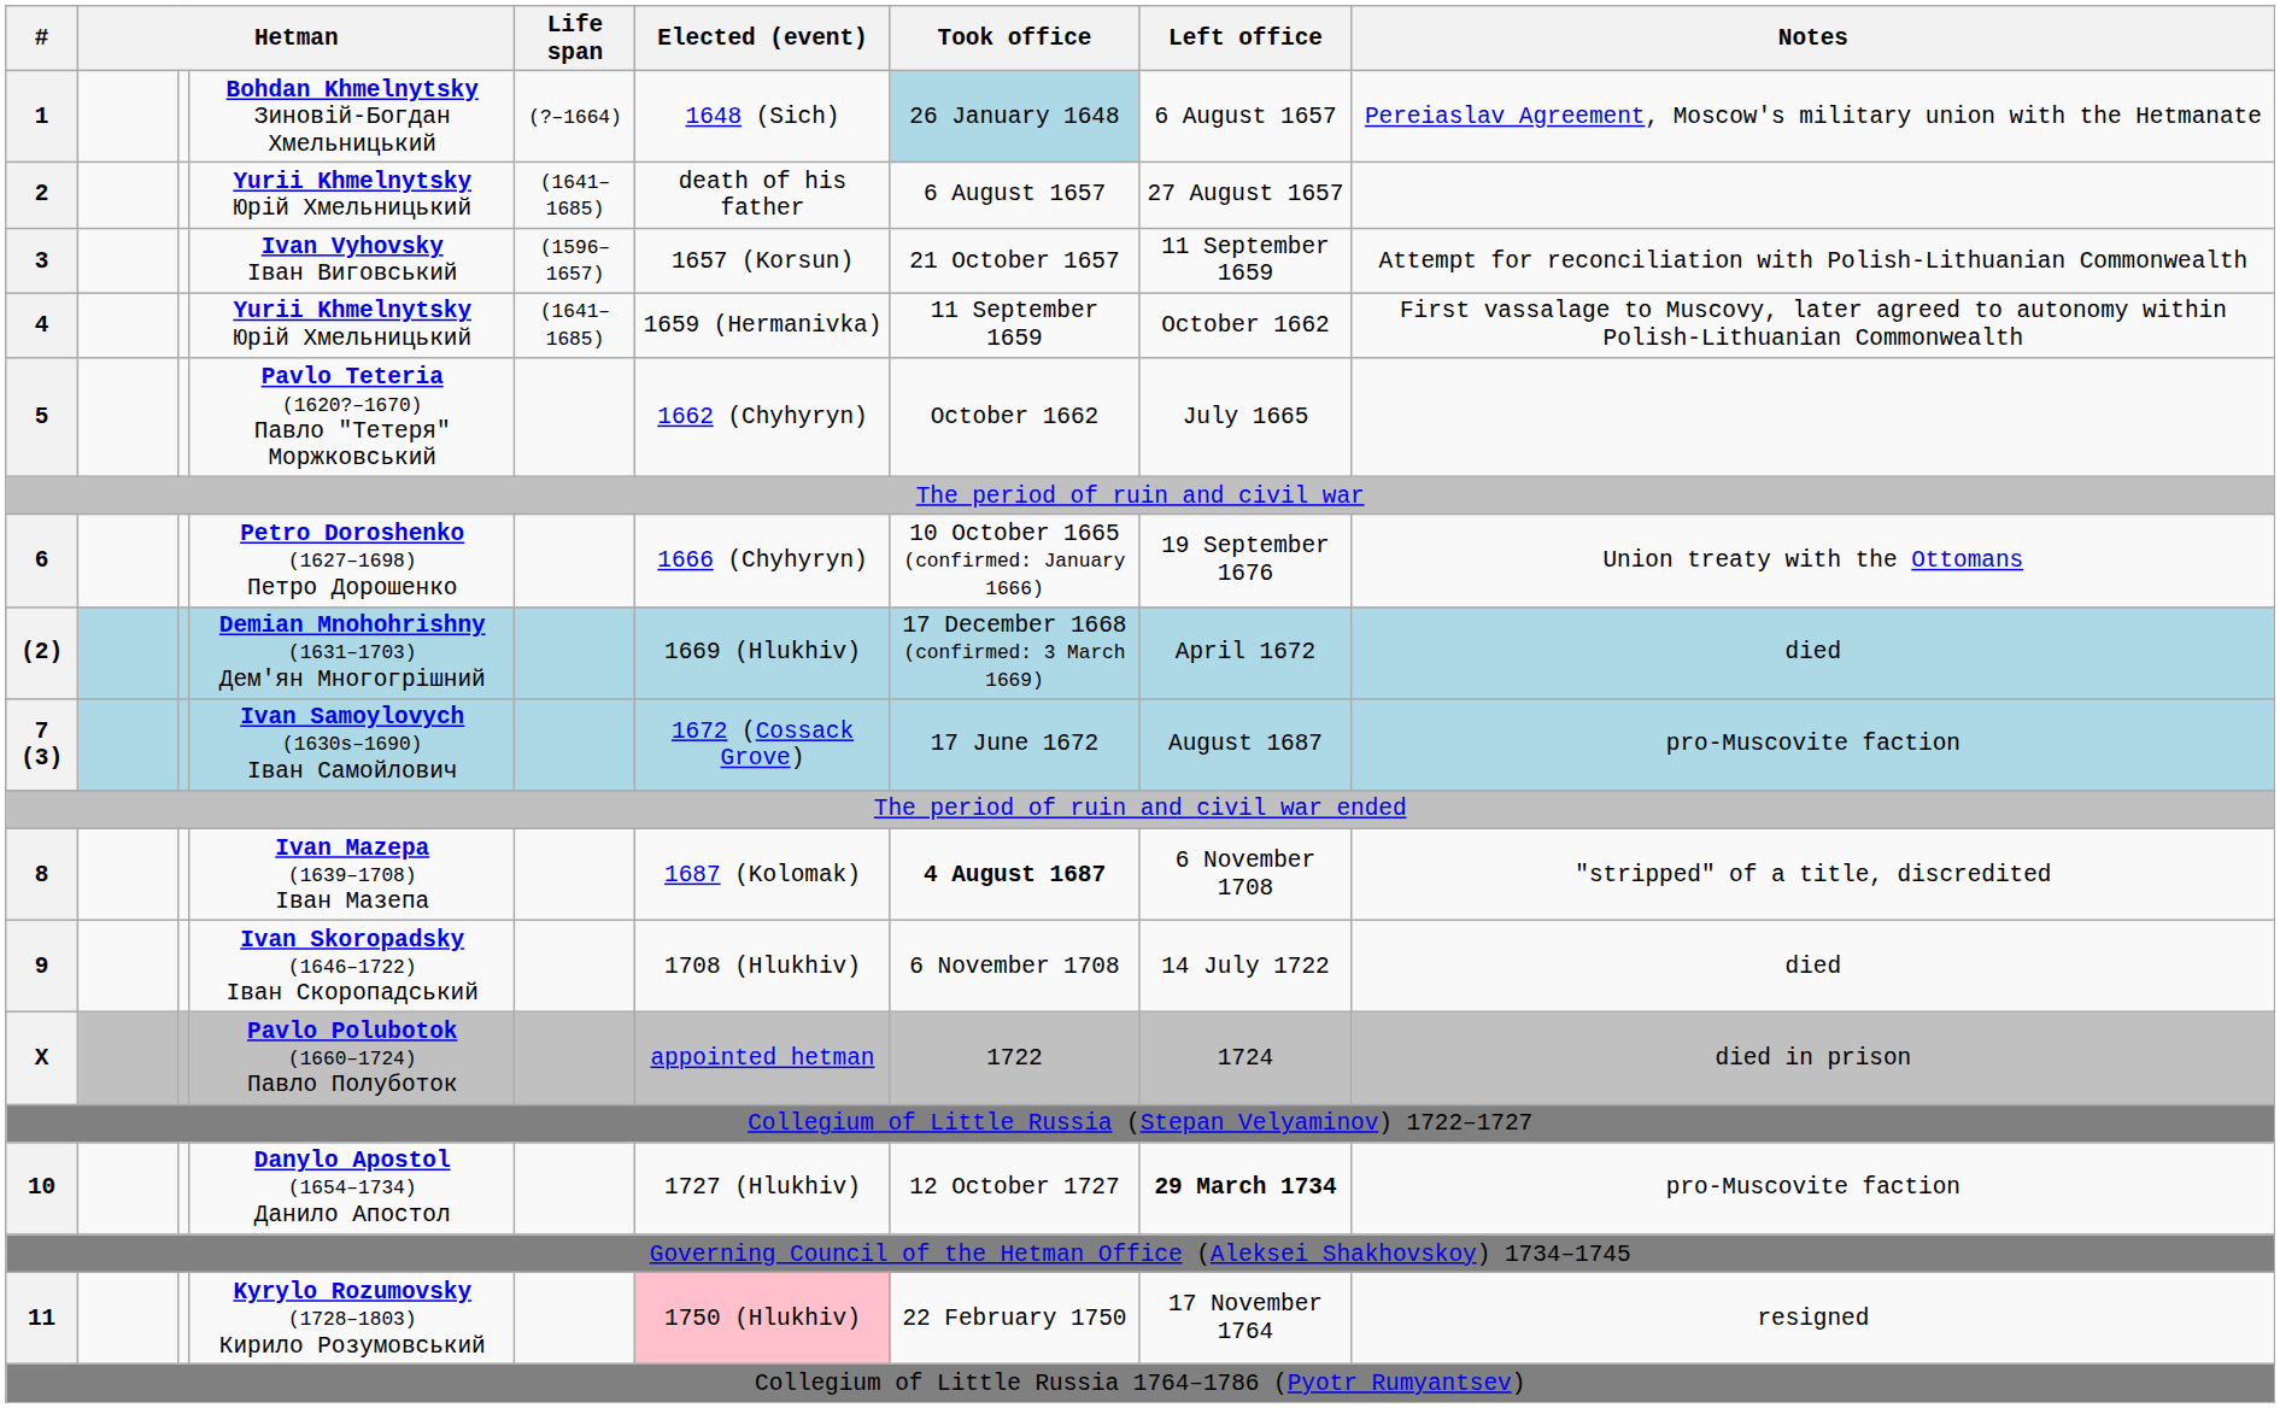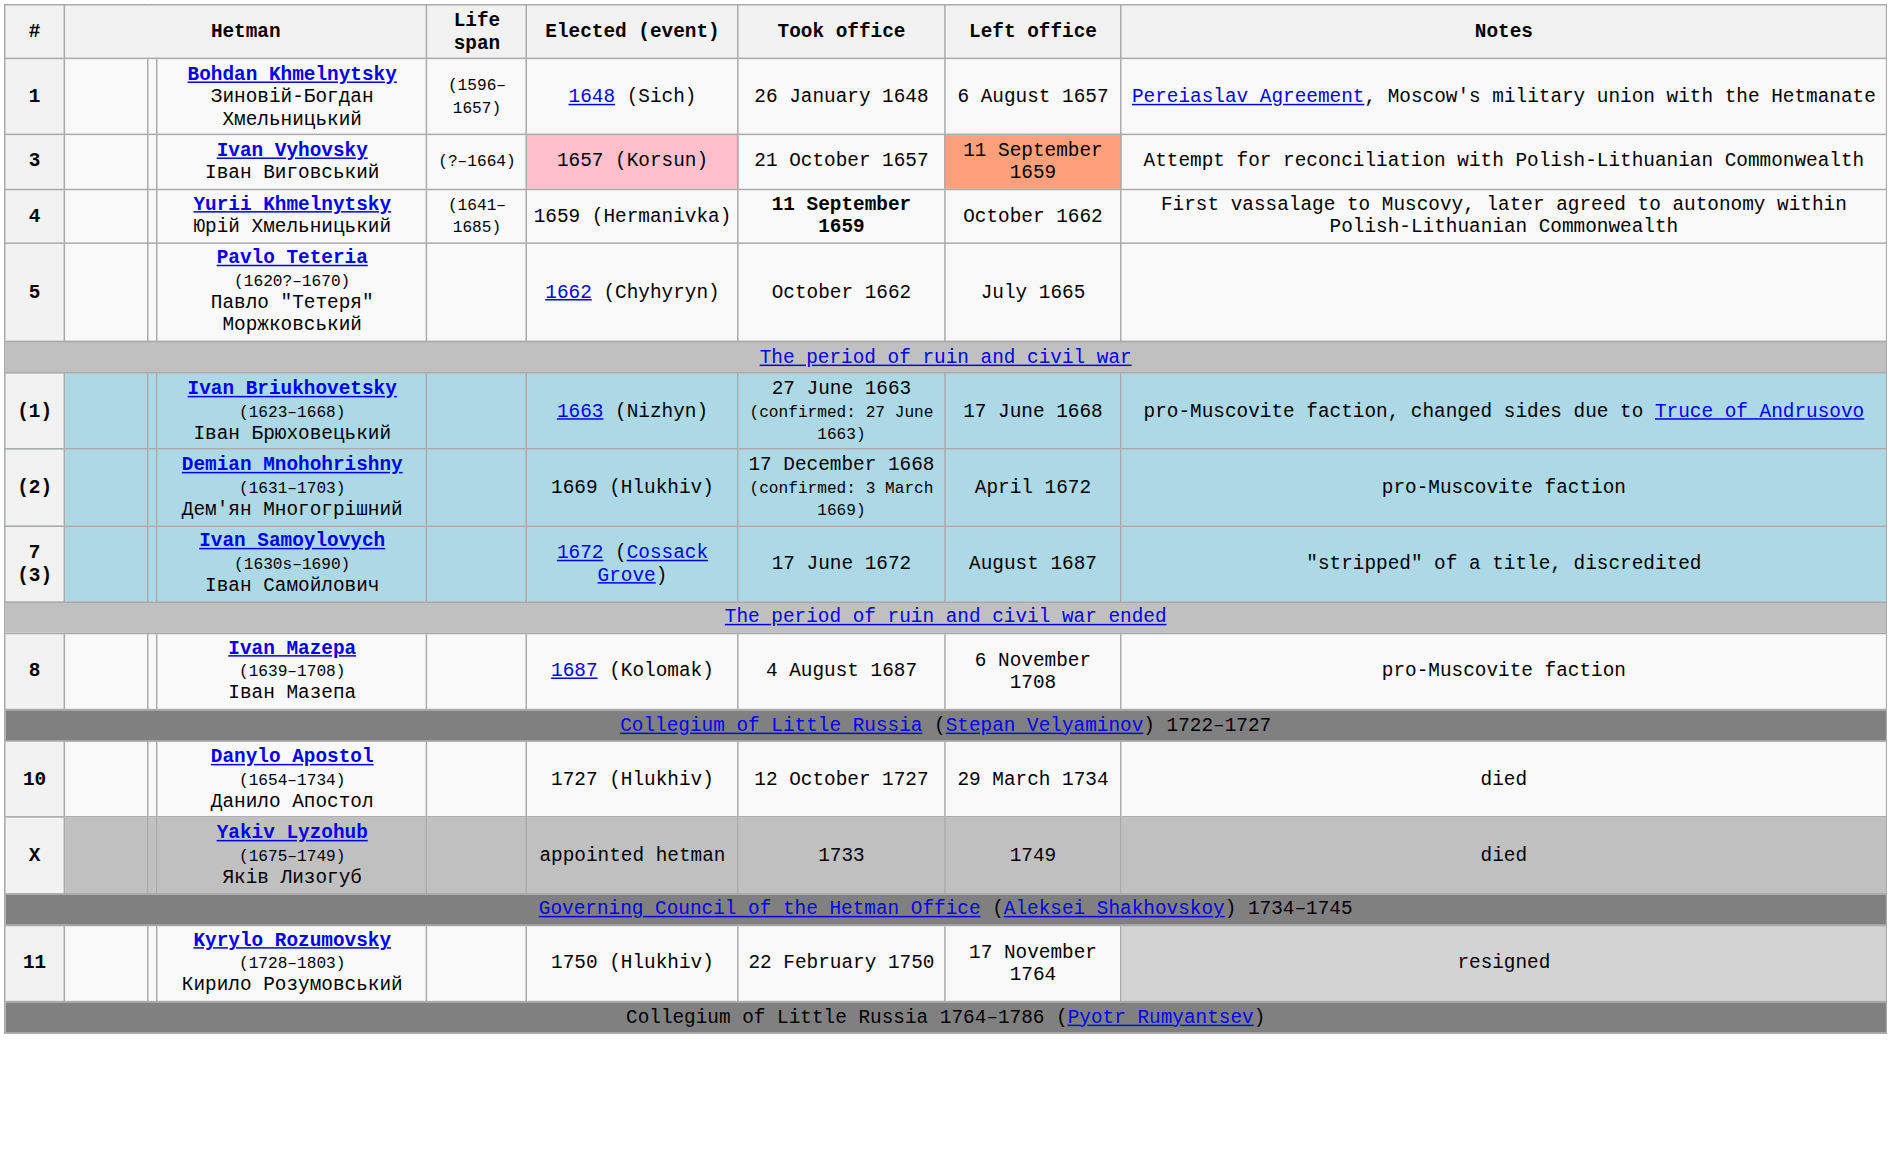 <table class="wikitable" width="100%" style="text-align:center;">
 <tr>
 <th>#</th>
 <th colspan="3">Hetman</th>
 <th>Life span</th>
 <th>Elected (event)</th>
 <th>Took office</th>
 <th>Left office</th>
 <th>Notes</th>
 </tr>
 <tr>
 <th style="background:">1</th>
 <td width="50px"></td>
 <td></td>
 <td><strong><a href='#'>Bohdan Khmelnytsky</a></strong><br>Зиновій-Богдан Хмельницький</td>
-<td><small>(?–1664)</small></td>
+<td><small>(1596–1657)</small></td>
 <td><a href='#'>1648</a> (Sich)</td>
-<td style="background: lightblue;">26 January 1648</td>
+<td>26 January 1648</td>
 <td>6 August 1657</td>
 <td><a href='#'>Pereiaslav Agreement</a>, Moscow's military union with the Hetmanate</td>
-</tr>
-<tr>
-<th style="background:">2</th>
-<td width="50px"></td>
-<td></td>
-<td><strong><a href='#'>Yurii Khmelnytsky</a></strong><br>Юрій Хмельницький</td>
-<td><small>(1641–1685)</small></td>
-<td>death of his father</td>
-<td>6 August 1657</td>
-<td>27 August 1657</td>
-<td></td>
 </tr>
 <tr>
 <th style="background:">3</th>
 <td width="50px"></td>
 <td></td>
 <td><strong><a href='#'>Ivan Vyhovsky</a></strong><br>Іван Виговський</td>
-<td><small>(1596–1657)</small></td>
-<td>1657 (Korsun)</td>
+<td><small>(?–1664)</small></td>
+<td style="background: pink;">1657 (Korsun)</td>
 <td>21 October 1657</td>
-<td>11 September 1659</td>
+<td style="background: lightsalmon;">11 September 1659</td>
 <td>Attempt for reconciliation with Polish-Lithuanian Commonwealth</td>
 </tr>
 <tr>
 <th style="background:">4</th>
 <td width="50px"></td>
 <td></td>
 <td><strong><a href='#'>Yurii Khmelnytsky</a></strong><br>Юрій Хмельницький</td>
 <td><small>(1641–1685)</small></td>
 <td>1659 (Hermanivka)</td>
-<td>11 September 1659</td>
+<td><strong>11 September 1659</strong></td>
 <td>October 1662</td>
 <td>First vassalage to Muscovy, later agreed to autonomy within Polish-Lithuanian Commonwealth</td>
 </tr>
 <tr>
 <th style="background:">5</th>
 <td width="50px"></td>
 <td></td>
 <td><strong><a href='#'>Pavlo Teteria</a></strong><br><small>(1620?–1670)</small><br>Павло "Тетеря" Моржковський</td>
 <td></td>
 <td><a href='#'>1662</a> (Chyhyryn)</td>
 <td>October 1662</td>
 <td>July 1665</td>
 <td></td>
 </tr>
 <tr bgcolor=silver>
 <td colspan="9" align="center"><a href='#'>The period of ruin and civil war</a></td>
 </tr>
-<tr>
-<th style="background:">6</th>
+<tr bgcolor=lightblue>
+<th style="background:">(1)</th>
 <td width="50px"></td>
 <td></td>
-<td><strong><a href='#'>Petro Doroshenko</a></strong><br><small>(1627–1698)</small><br>Петро Дорошенко</td>
+<td><strong><a href='#'>Ivan Briukhovetsky</a></strong><br><small>(1623–1668)</small><br>Іван Брюховецький</td>
 <td></td>
-<td><a href='#'>1666</a> (Chyhyryn)</td>
-<td>10 October 1665<br><small>(confirmed: January 1666)</small></td>
-<td>19 September 1676</td>
-<td>Union treaty with the <a href='#'>Ottomans</a></td>
+<td><a href='#'>1663</a> (Nizhyn)</td>
+<td>27 June 1663<br><small>(confirmed: 27 June 1663)</small></td>
+<td>17 June 1668</td>
+<td>pro-Muscovite faction, changed sides due to <a href='#'>Truce of Andrusovo</a></td>
 </tr>
 <tr bgcolor=lightblue>
 <th style="background:">(2)</th>
 <td width="50px"></td>
 <td></td>
 <td><strong><a href='#'>Demian Mnohohrishny</a></strong><br><small>(1631–1703)</small><br>Дем'ян Многогрішний</td>
 <td></td>
 <td>1669 (Hlukhiv)</td>
 <td>17 December 1668<br><small>(confirmed: 3 March 1669)</small></td>
 <td>April 1672</td>
-<td>died</td>
+<td>pro-Muscovite faction</td>
 </tr>
 <tr bgcolor=lightblue>
 <th style="background:">7 (3)</th>
 <td width="50px"></td>
 <td></td>
 <td><strong><a href='#'>Ivan Samoylovych</a></strong><br><small>(1630s–1690)</small><br>Іван Самойлович</td>
 <td></td>
 <td><a href='#'>1672</a> (<a href='#'>Cossack Grove</a>)</td>
 <td>17 June 1672</td>
 <td>August 1687</td>
-<td>pro-Muscovite faction</td>
+<td>"stripped" of a title, discredited</td>
 </tr>
 <tr bgcolor=silver>
 <td colspan="9" align="center"><a href='#'>The period of ruin and civil war ended</a></td>
 </tr>
 <tr>
 <th style="background:">8</th>
 <td width="50px"></td>
 <td></td>
 <td><strong><a href='#'>Ivan Mazepa</a></strong><br><small>(1639–1708)</small><br>Іван Мазепа</td>
 <td></td>
 <td><a href='#'>1687</a> (Kolomak)</td>
-<td><strong>4 August 1687</strong></td>
+<td>4 August 1687</td>
 <td>6 November 1708</td>
-<td>"stripped" of a title, discredited</td>
-</tr>
-<tr>
-<th style="background:">9</th>
-<td width="50px"></td>
-<td></td>
-<td><strong><a href='#'>Ivan Skoropadsky</a></strong><br><small>(1646–1722)</small><br>Іван Скоропадський</td>
-<td></td>
-<td>1708 (Hlukhiv)</td>
-<td>6 November 1708</td>
-<td>14 July 1722</td>
-<td>died</td>
-</tr>
-<tr bgcolor=silver>
-<th style="background:">X</th>
-<td width="50px"></td>
-<td></td>
-<td><strong><a href='#'>Pavlo Polubotok</a></strong><br><small>(1660–1724)</small><br>Павло Полуботок</td>
-<td></td>
-<td><a href='#'>appointed hetman</a></td>
-<td>1722</td>
-<td>1724</td>
-<td>died in prison</td>
+<td>pro-Muscovite faction</td>
 </tr>
 <tr bgcolor=grey>
 <td colspan="9"><a href='#'>Collegium of Little Russia</a> (<a href='#'>Stepan Velyaminov</a>) 1722–1727</td>
 </tr>
 <tr>
 <th style="background:">10</th>
 <td width="50px"></td>
 <td></td>
 <td><strong><a href='#'>Danylo Apostol</a></strong><br><small>(1654–1734)</small><br>Данило Апостол</td>
 <td></td>
 <td>1727 (Hlukhiv)</td>
 <td>12 October 1727</td>
-<td><strong>29 March 1734</strong></td>
-<td>pro-Muscovite faction</td>
+<td>29 March 1734</td>
+<td>died</td>
+</tr>
+<tr bgcolor=silver>
+<th style="background:">X</th>
+<td width="50px"></td>
+<td></td>
+<td><strong><a href='#'>Yakiv Lyzohub</a></strong><br><small>(1675–1749)</small><br>Яків Лизогуб</td>
+<td></td>
+<td>appointed hetman</td>
+<td>1733</td>
+<td>1749</td>
+<td>died</td>
 </tr>
 <tr bgcolor=grey>
 <td colspan="9"><a href='#'>Governing Council of the Hetman Office</a> (<a href='#'>Aleksei Shakhovskoy</a>) 1734–1745</td>
 </tr>
 <tr>
 <th style="background:">11</th>
 <td width="50px"></td>
 <td></td>
 <td><strong><a href='#'>Kyrylo Rozumovsky</a></strong><br><small>(1728–1803)</small><br>Кирило Розумовський</td>
 <td></td>
-<td style="background: pink;">1750 (Hlukhiv)</td>
+<td>1750 (Hlukhiv)</td>
 <td>22 February 1750</td>
 <td>17 November 1764</td>
-<td>resigned</td>
+<td style="background: lightgrey;">resigned</td>
 </tr>
 <tr bgcolor=grey>
 <td colspan="9">Collegium of Little Russia 1764–1786 (<a href='#'>Pyotr Rumyantsev</a>)</td>
 </tr>
 </table>
